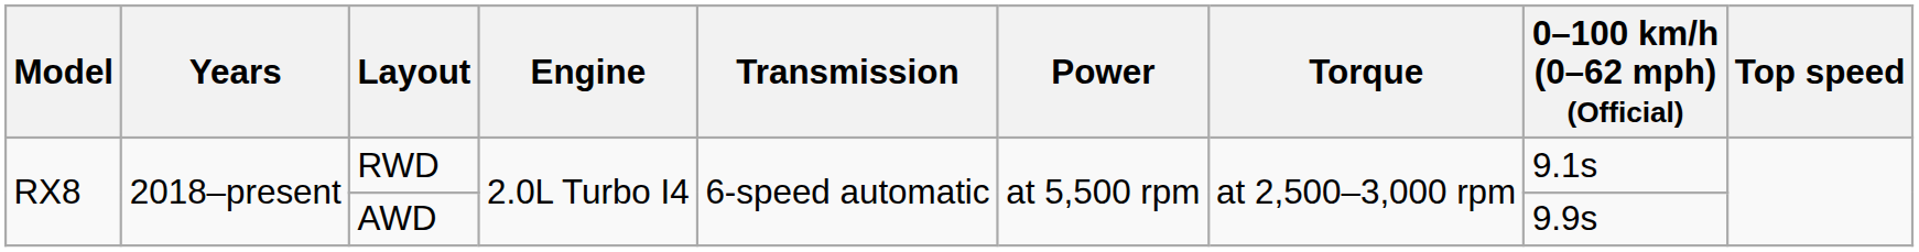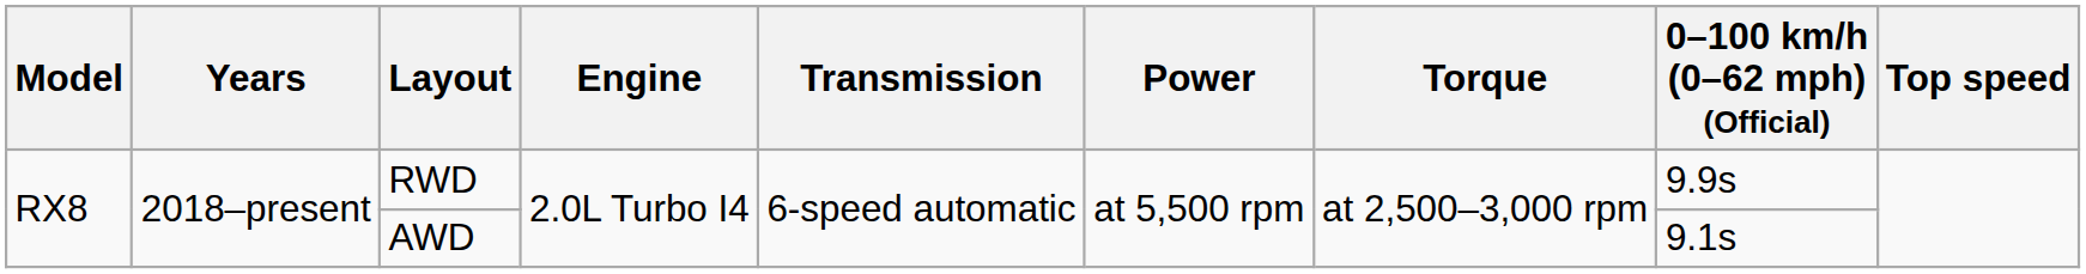 <table class="wikitable sortable collapsible" style="text-align:left; font-size:90%;">
 <tr>
 <th>Model</th>
 <th>Years</th>
 <th>Layout</th>
 <th>Engine</th>
 <th>Transmission</th>
 <th>Power</th>
 <th>Torque</th>
 <th>0–100 km/h<br>(0–62 mph)<br><small>(Official)</small></th>
 <th>Top speed</th>
 </tr>
 <tr>
 <td rowspan="2">RX8</td>
 <td rowspan="2">2018–present</td>
 <td>RWD</td>
 <td rowspan="2">2.0L Turbo I4</td>
 <td rowspan="2">6-speed automatic</td>
 <td rowspan="2"> at 5,500 rpm</td>
 <td rowspan="2"> at 2,500–3,000 rpm</td>
-<td>9.1s</td>
+<td>9.9s</td>
 <td rowspan="2"></td>
 </tr>
 <tr>
 <td>AWD</td>
-<td>9.9s</td>
+<td>9.1s</td>
 </tr>
 </table>
